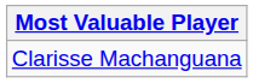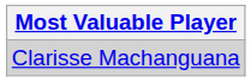 <table class=wikitable style="text-align:center; margin:auto">
 <tr>
 <th><a href='#'>Most Valuable Player</a></th>
 </tr>
 <tr>
-<td> <a href='#'>Clarisse Machanguana</a></td>
+<td style="background: lightgrey;"> <a href='#'>Clarisse Machanguana</a></td>
 </tr>
 </table>
